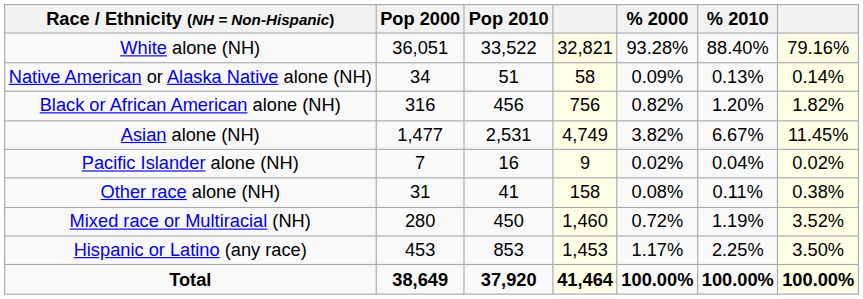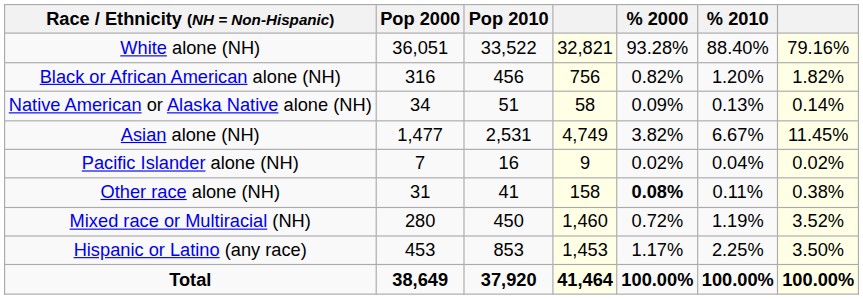 <table class="wikitable" style="text-align:center;">
 <tr>
 <th>Race / Ethnicity <small>(<em>NH = Non-Hispanic</em>)</small></th>
 <th>Pop 2000</th>
 <th>Pop 2010</th>
 <th></th>
 <th>% 2000</th>
 <th>% 2010</th>
 <th></th>
 </tr>
 <tr>
 <td><a href='#'>White</a> alone (NH)</td>
 <td>36,051</td>
 <td>33,522</td>
 <td style='background: #ffffe6;'>32,821</td>
 <td>93.28%</td>
 <td>88.40%</td>
 <td style='background: #ffffe6;'>79.16%</td>
 </tr>
 <tr>
+<td><a href='#'>Black or African American</a> alone (NH)</td>
+<td>316</td>
+<td>456</td>
+<td style='background: #ffffe6;'>756</td>
+<td>0.82%</td>
+<td>1.20%</td>
+<td style='background: #ffffe6;'>1.82%</td>
+</tr>
+<tr>
 <td><a href='#'>Native American</a> or <a href='#'>Alaska Native</a> alone (NH)</td>
 <td>34</td>
 <td>51</td>
 <td style='background: #ffffe6;'>58</td>
 <td>0.09%</td>
 <td>0.13%</td>
 <td style='background: #ffffe6;'>0.14%</td>
-</tr>
-<tr>
-<td><a href='#'>Black or African American</a> alone (NH)</td>
-<td>316</td>
-<td>456</td>
-<td style='background: #ffffe6;'>756</td>
-<td>0.82%</td>
-<td>1.20%</td>
-<td style='background: #ffffe6;'>1.82%</td>
 </tr>
 <tr>
 <td><a href='#'>Asian</a> alone (NH)</td>
 <td>1,477</td>
 <td>2,531</td>
 <td style='background: #ffffe6;'>4,749</td>
 <td>3.82%</td>
 <td>6.67%</td>
 <td style='background: #ffffe6;'>11.45%</td>
 </tr>
 <tr>
 <td><a href='#'>Pacific Islander</a> alone (NH)</td>
 <td>7</td>
 <td>16</td>
 <td style='background: #ffffe6;'>9</td>
 <td>0.02%</td>
 <td>0.04%</td>
 <td style='background: #ffffe6;'>0.02%</td>
 </tr>
 <tr>
 <td><a href='#'>Other race</a> alone (NH)</td>
 <td>31</td>
 <td>41</td>
 <td style='background: #ffffe6;'>158</td>
-<td>0.08%</td>
+<td><strong>0.08%</strong></td>
 <td>0.11%</td>
 <td style='background: #ffffe6;'>0.38%</td>
 </tr>
 <tr>
 <td><a href='#'>Mixed race or Multiracial</a> (NH)</td>
 <td>280</td>
 <td>450</td>
 <td style='background: #ffffe6;'>1,460</td>
 <td>0.72%</td>
 <td>1.19%</td>
 <td style='background: #ffffe6;'>3.52%</td>
 </tr>
 <tr>
 <td><a href='#'>Hispanic or Latino</a> (any race)</td>
 <td>453</td>
 <td>853</td>
 <td style='background: #ffffe6;'>1,453</td>
 <td>1.17%</td>
 <td>2.25%</td>
 <td style='background: #ffffe6;'>3.50%</td>
 </tr>
 <tr>
 <td><strong>Total</strong></td>
 <td><strong>38,649</strong></td>
 <td><strong>37,920</strong></td>
 <td style='background: #ffffe6;'><strong>41,464</strong></td>
 <td><strong>100.00%</strong></td>
 <td><strong>100.00%</strong></td>
 <td style='background: #ffffe6;'><strong>100.00%</strong></td>
 </tr>
 </table>
